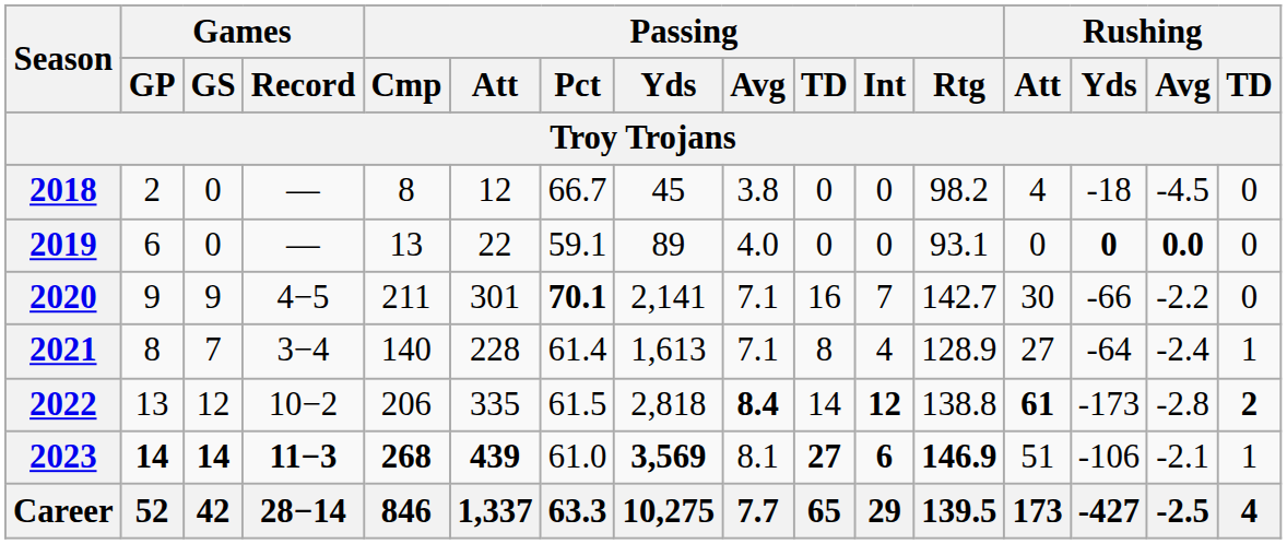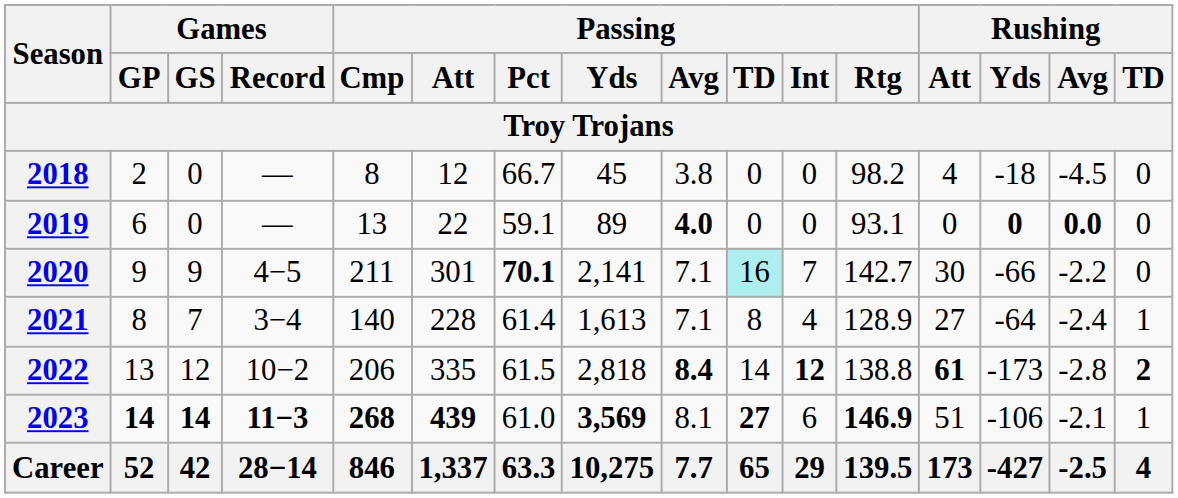 <table class="wikitable" style="text-align:center;">
 <tr>
 <th rowspan="2">Season</th>
 <th colspan="3">Games</th>
 <th colspan="8">Passing</th>
 <th colspan="5">Rushing</th>
 </tr>
 <tr>
 <th>GP</th>
 <th>GS</th>
 <th>Record</th>
 <th>Cmp</th>
 <th>Att</th>
 <th>Pct</th>
 <th>Yds</th>
 <th>Avg</th>
 <th>TD</th>
 <th>Int</th>
 <th>Rtg</th>
 <th>Att</th>
 <th>Yds</th>
 <th>Avg</th>
 <th>TD</th>
 </tr>
 <tr>
 <th colspan="16">Troy Trojans</th>
 </tr>
 <tr>
 <th><a href='#'>2018</a></th>
 <td>2</td>
 <td>0</td>
 <td>—</td>
 <td>8</td>
 <td>12</td>
 <td>66.7</td>
 <td>45</td>
 <td>3.8</td>
 <td>0</td>
 <td>0</td>
 <td>98.2</td>
 <td>4</td>
 <td>-18</td>
 <td>-4.5</td>
 <td>0</td>
 </tr>
 <tr>
 <th><a href='#'>2019</a></th>
 <td>6</td>
 <td>0</td>
 <td>—</td>
 <td>13</td>
 <td>22</td>
 <td>59.1</td>
 <td>89</td>
-<td>4.0</td>
+<td><strong>4.0</strong></td>
 <td>0</td>
 <td>0</td>
 <td>93.1</td>
 <td>0</td>
 <td><strong>0</strong></td>
 <td><strong>0.0</strong></td>
 <td>0</td>
 </tr>
 <tr>
 <th><a href='#'>2020</a></th>
 <td>9</td>
 <td>9</td>
 <td>4−5</td>
 <td>211</td>
 <td>301</td>
 <td><strong>70.1</strong></td>
 <td>2,141</td>
 <td>7.1</td>
-<td>16</td>
+<td style="background: paleturquoise;">16</td>
 <td>7</td>
 <td>142.7</td>
 <td>30</td>
 <td>-66</td>
 <td>-2.2</td>
 <td>0</td>
 </tr>
 <tr>
 <th><a href='#'>2021</a></th>
 <td>8</td>
 <td>7</td>
 <td>3−4</td>
 <td>140</td>
 <td>228</td>
 <td>61.4</td>
 <td>1,613</td>
 <td>7.1</td>
 <td>8</td>
 <td>4</td>
 <td>128.9</td>
 <td>27</td>
 <td>-64</td>
 <td>-2.4</td>
 <td>1</td>
 </tr>
 <tr>
 <th><a href='#'>2022</a></th>
 <td>13</td>
 <td>12</td>
 <td>10−2</td>
 <td>206</td>
 <td>335</td>
 <td>61.5</td>
 <td>2,818</td>
 <td><strong>8.4</strong></td>
 <td>14</td>
 <td><strong>12</strong></td>
 <td>138.8</td>
 <td><strong>61</strong></td>
 <td>-173</td>
 <td>-2.8</td>
 <td><strong>2</strong></td>
 </tr>
 <tr>
 <th><a href='#'>2023</a></th>
 <td><strong> 14</strong></td>
 <td><strong> 14</strong></td>
 <td><strong> 11−3</strong></td>
 <td><strong> 268</strong></td>
 <td><strong> 439</strong></td>
 <td>61.0</td>
 <td><strong> 3,569</strong></td>
 <td>8.1</td>
 <td><strong> 27</strong></td>
-<td><strong>6</strong></td>
+<td>6</td>
 <td><strong>146.9</strong></td>
 <td>51</td>
 <td>-106</td>
 <td>-2.1</td>
 <td>1</td>
 </tr>
 <tr>
 <th>Career</th>
 <th>52</th>
 <th>42</th>
 <th>28−14</th>
 <th>846</th>
 <th>1,337</th>
 <th>63.3</th>
 <th>10,275</th>
 <th>7.7</th>
 <th>65</th>
 <th>29</th>
 <th>139.5</th>
 <th>173</th>
 <th>-427</th>
 <th>-2.5</th>
 <th>4</th>
 </tr>
 </table>
